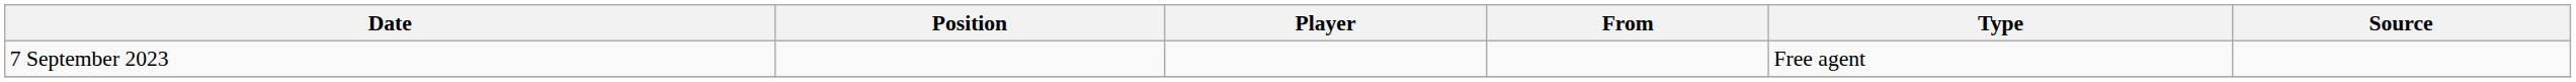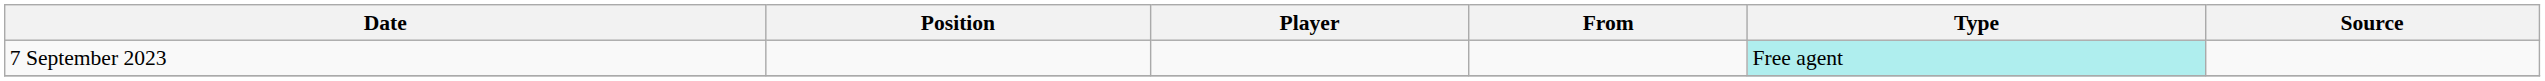 <table class="wikitable sortable" style="width:90%; text-align:center; font-size:95%; text-align:left;">
 <tr>
 <th>Date</th>
 <th>Position</th>
 <th>Player</th>
 <th>From</th>
 <th>Type</th>
 <th>Source</th>
 </tr>
 <tr>
 <td>7 September 2023</td>
 <td></td>
 <td></td>
 <td></td>
-<td>Free agent</td>
+<td style="background: paleturquoise;">Free agent</td>
 <td></td>
 </tr>
 <tr>
 </tr>
 </table>
